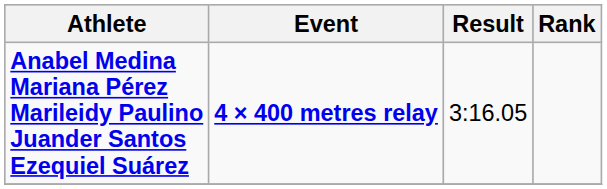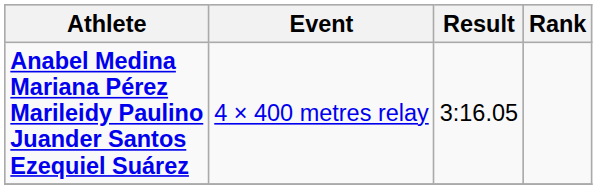 <table class=wikitable style=font-size:90%;text-align:center>
 <tr>
 <th>Athlete</th>
 <th>Event</th>
 <th>Result</th>
 <th>Rank</th>
 </tr>
 <tr>
 <td align=left><strong><a href='#'>Anabel Medina</a><br><a href='#'>Mariana Pérez</a><br><a href='#'>Marileidy Paulino</a><br><a href='#'>Juander Santos</a><br><a href='#'>Ezequiel Suárez</a></strong></td>
-<td align=left><strong><a href='#'>4 × 400 metres relay</a></strong></td>
+<td align=left><a href='#'>4 × 400 metres relay</a></td>
 <td>3:16.05</td>
 <td></td>
 </tr>
 <tr>
 </tr>
 </table>
